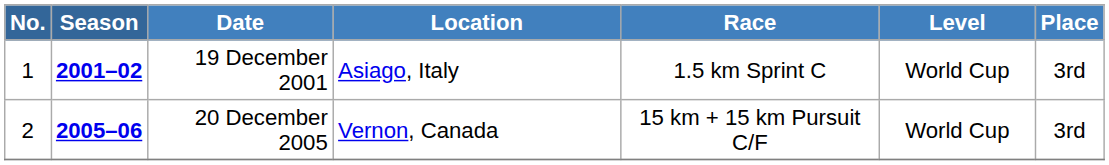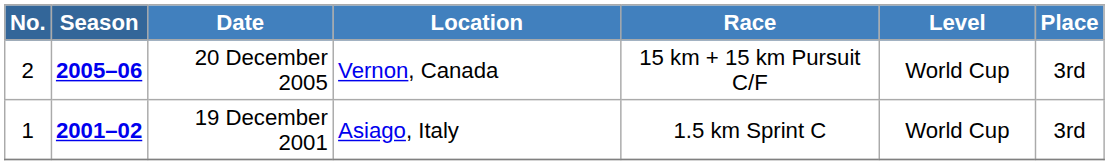 <table class="wikitable sortable" style="font-size:95%; text-align:center; border:grey solid 1px; border-collapse:collapse; background:#ffffff;">
 <tr style="background:#efefef;">
 <th style="background-color:#369; color:white;">No.</th>
 <th style="background-color:#369; color:white;">Season</th>
 <th style="background-color:#4180be; color:white; width:120px;">Date</th>
 <th style="background-color:#4180be; color:white; width:190px;">Location</th>
 <th style="background-color:#4180be; color:white; width:170px;">Race</th>
 <th style="background-color:#4180be; color:white; width:100px;">Level</th>
 <th style="background-color:#4180be; color:white;">Place</th>
 </tr>
 <tr>
+<td align=center>2</td>
+<td rowspan=1 align=center><strong><a href='#'>2005–06</a></strong></td>
+<td align=right>20 December 2005</td>
+<td align=left> <a href='#'>Vernon</a>, Canada</td>
+<td>15 km + 15 km Pursuit C/F</td>
+<td>World Cup</td>
+<td>3rd</td>
+</tr>
+<tr>
 <td align=center>1</td>
 <td rowspan=1 align=center><strong><a href='#'>2001–02</a></strong></td>
 <td align=right>19 December 2001</td>
 <td align=left> <a href='#'>Asiago</a>, Italy</td>
 <td>1.5 km Sprint C</td>
 <td>World Cup</td>
 <td>3rd</td>
 </tr>
 <tr>
-<td align=center>2</td>
-<td rowspan=1 align=center><strong><a href='#'>2005–06</a></strong></td>
-<td align=right>20 December 2005</td>
-<td align=left> <a href='#'>Vernon</a>, Canada</td>
-<td>15 km + 15 km Pursuit C/F</td>
-<td>World Cup</td>
-<td>3rd</td>
-</tr>
-<tr>
 </tr>
 </table>
